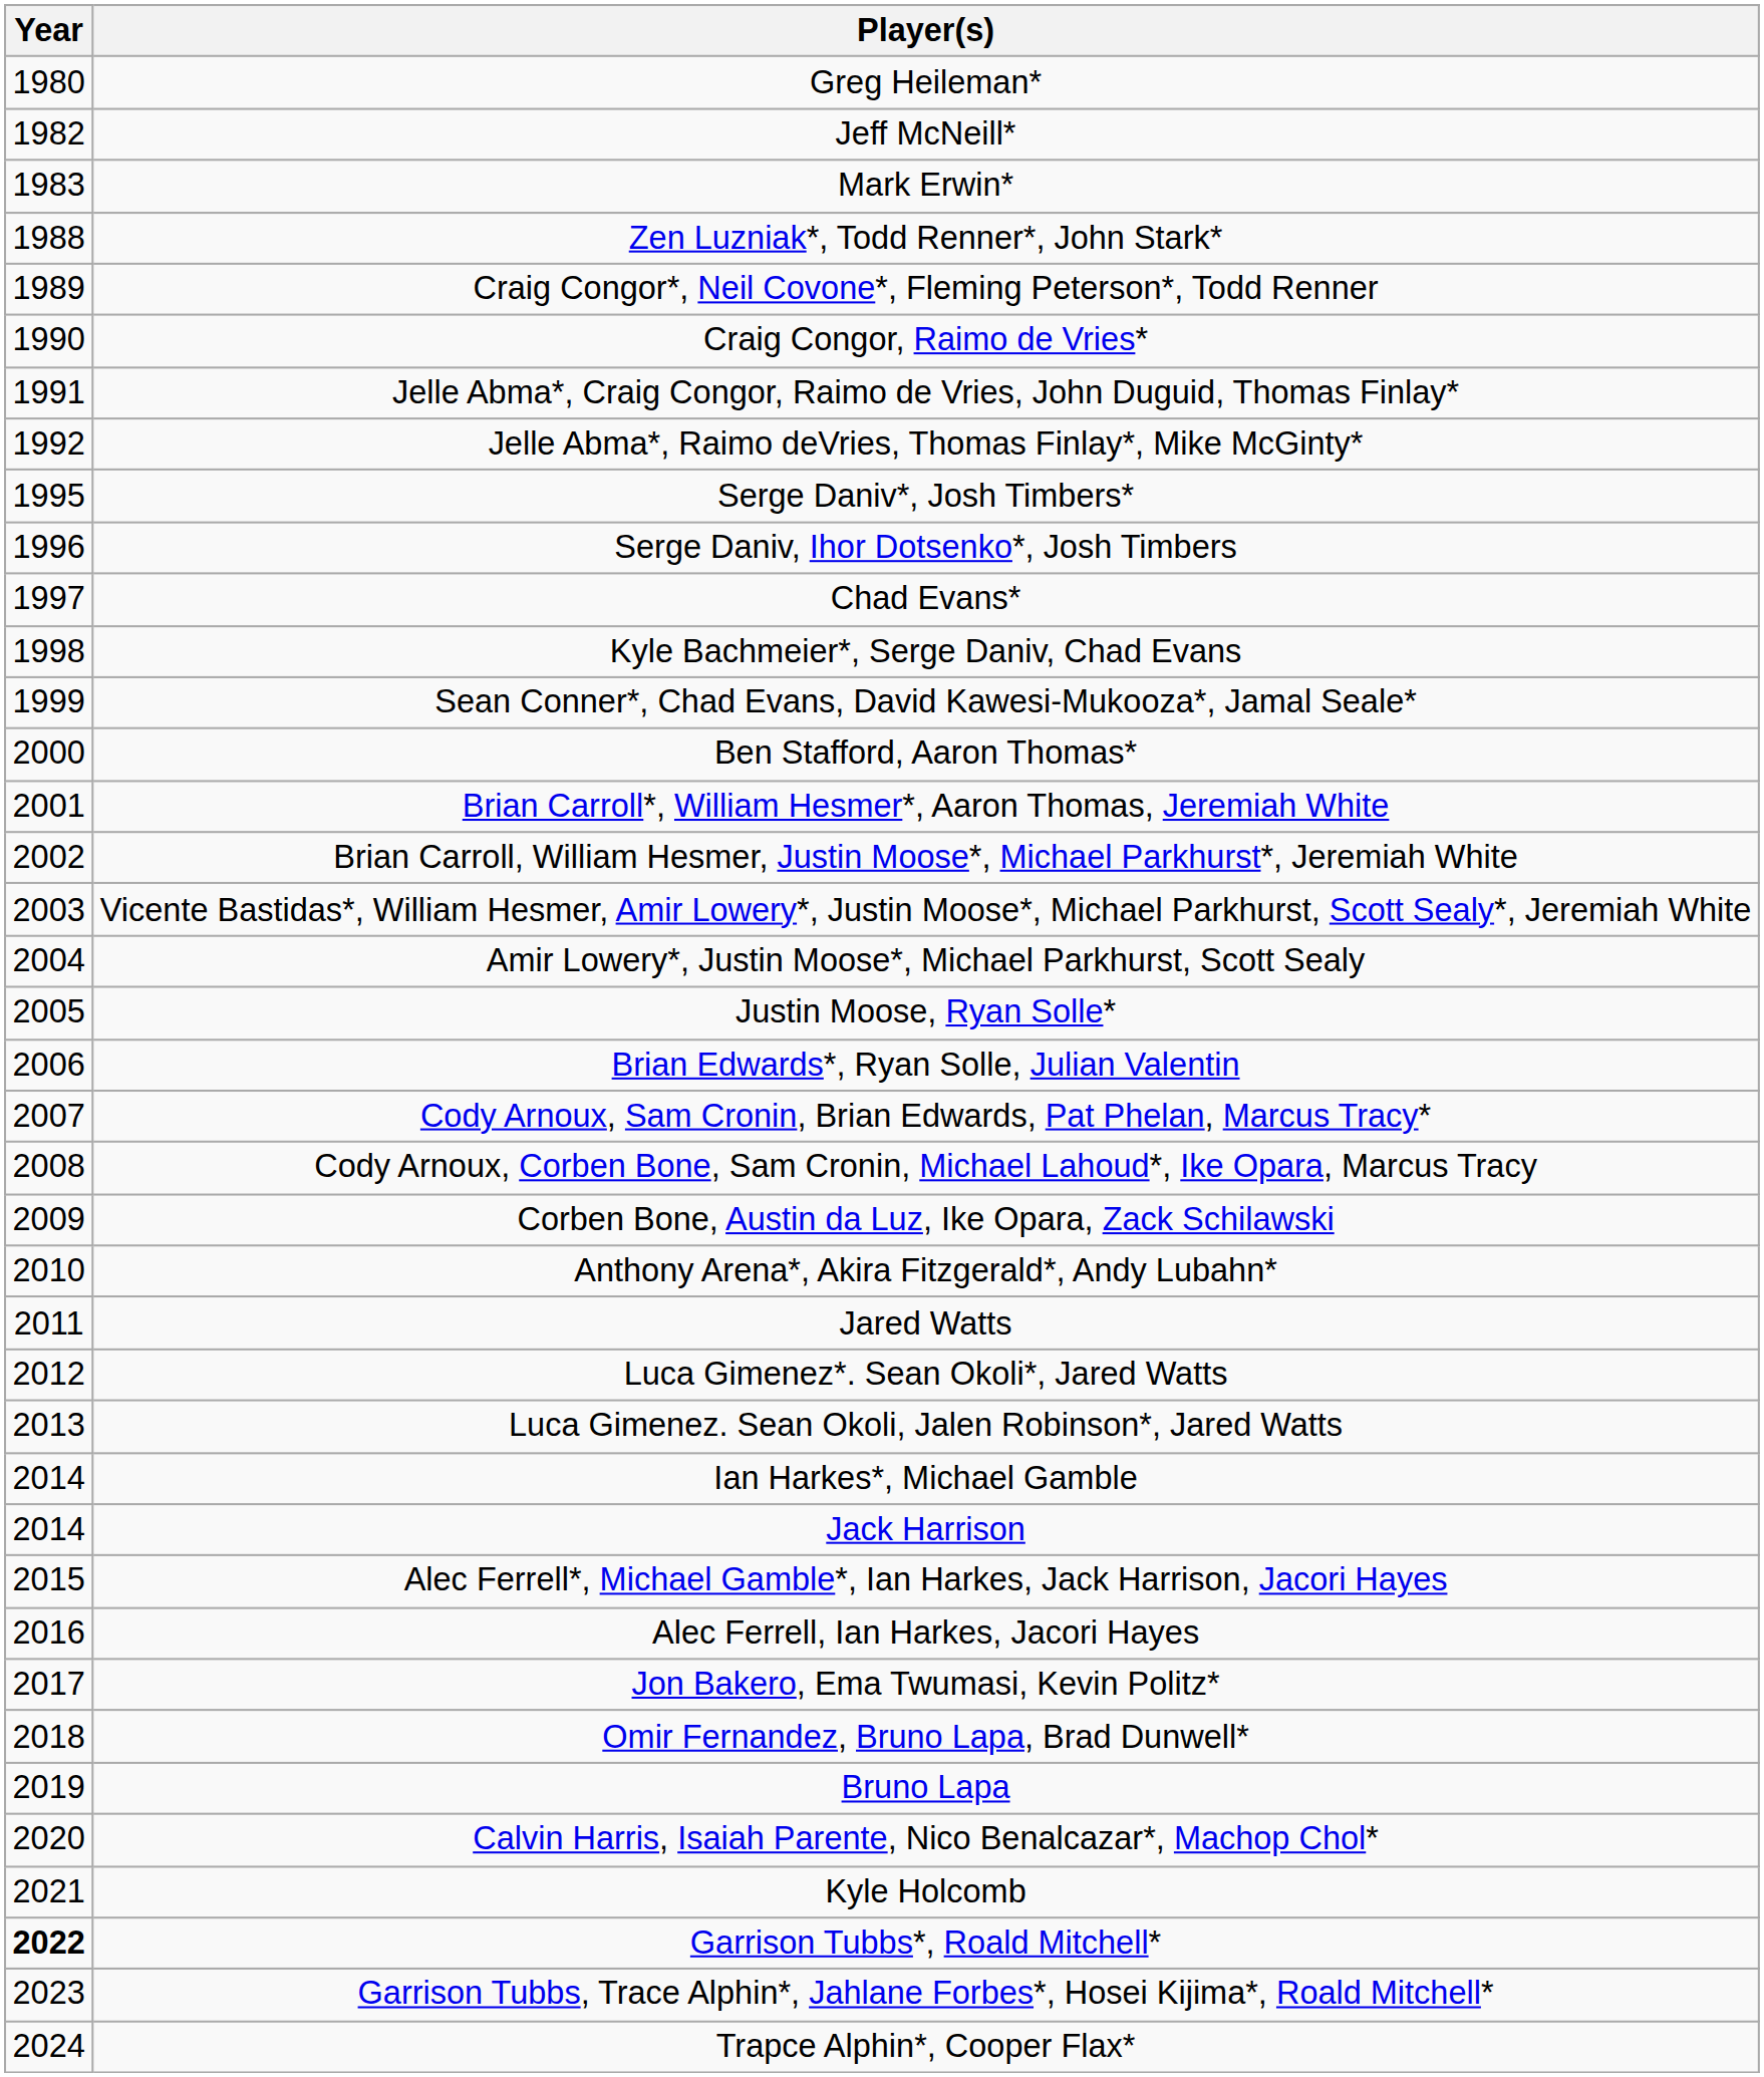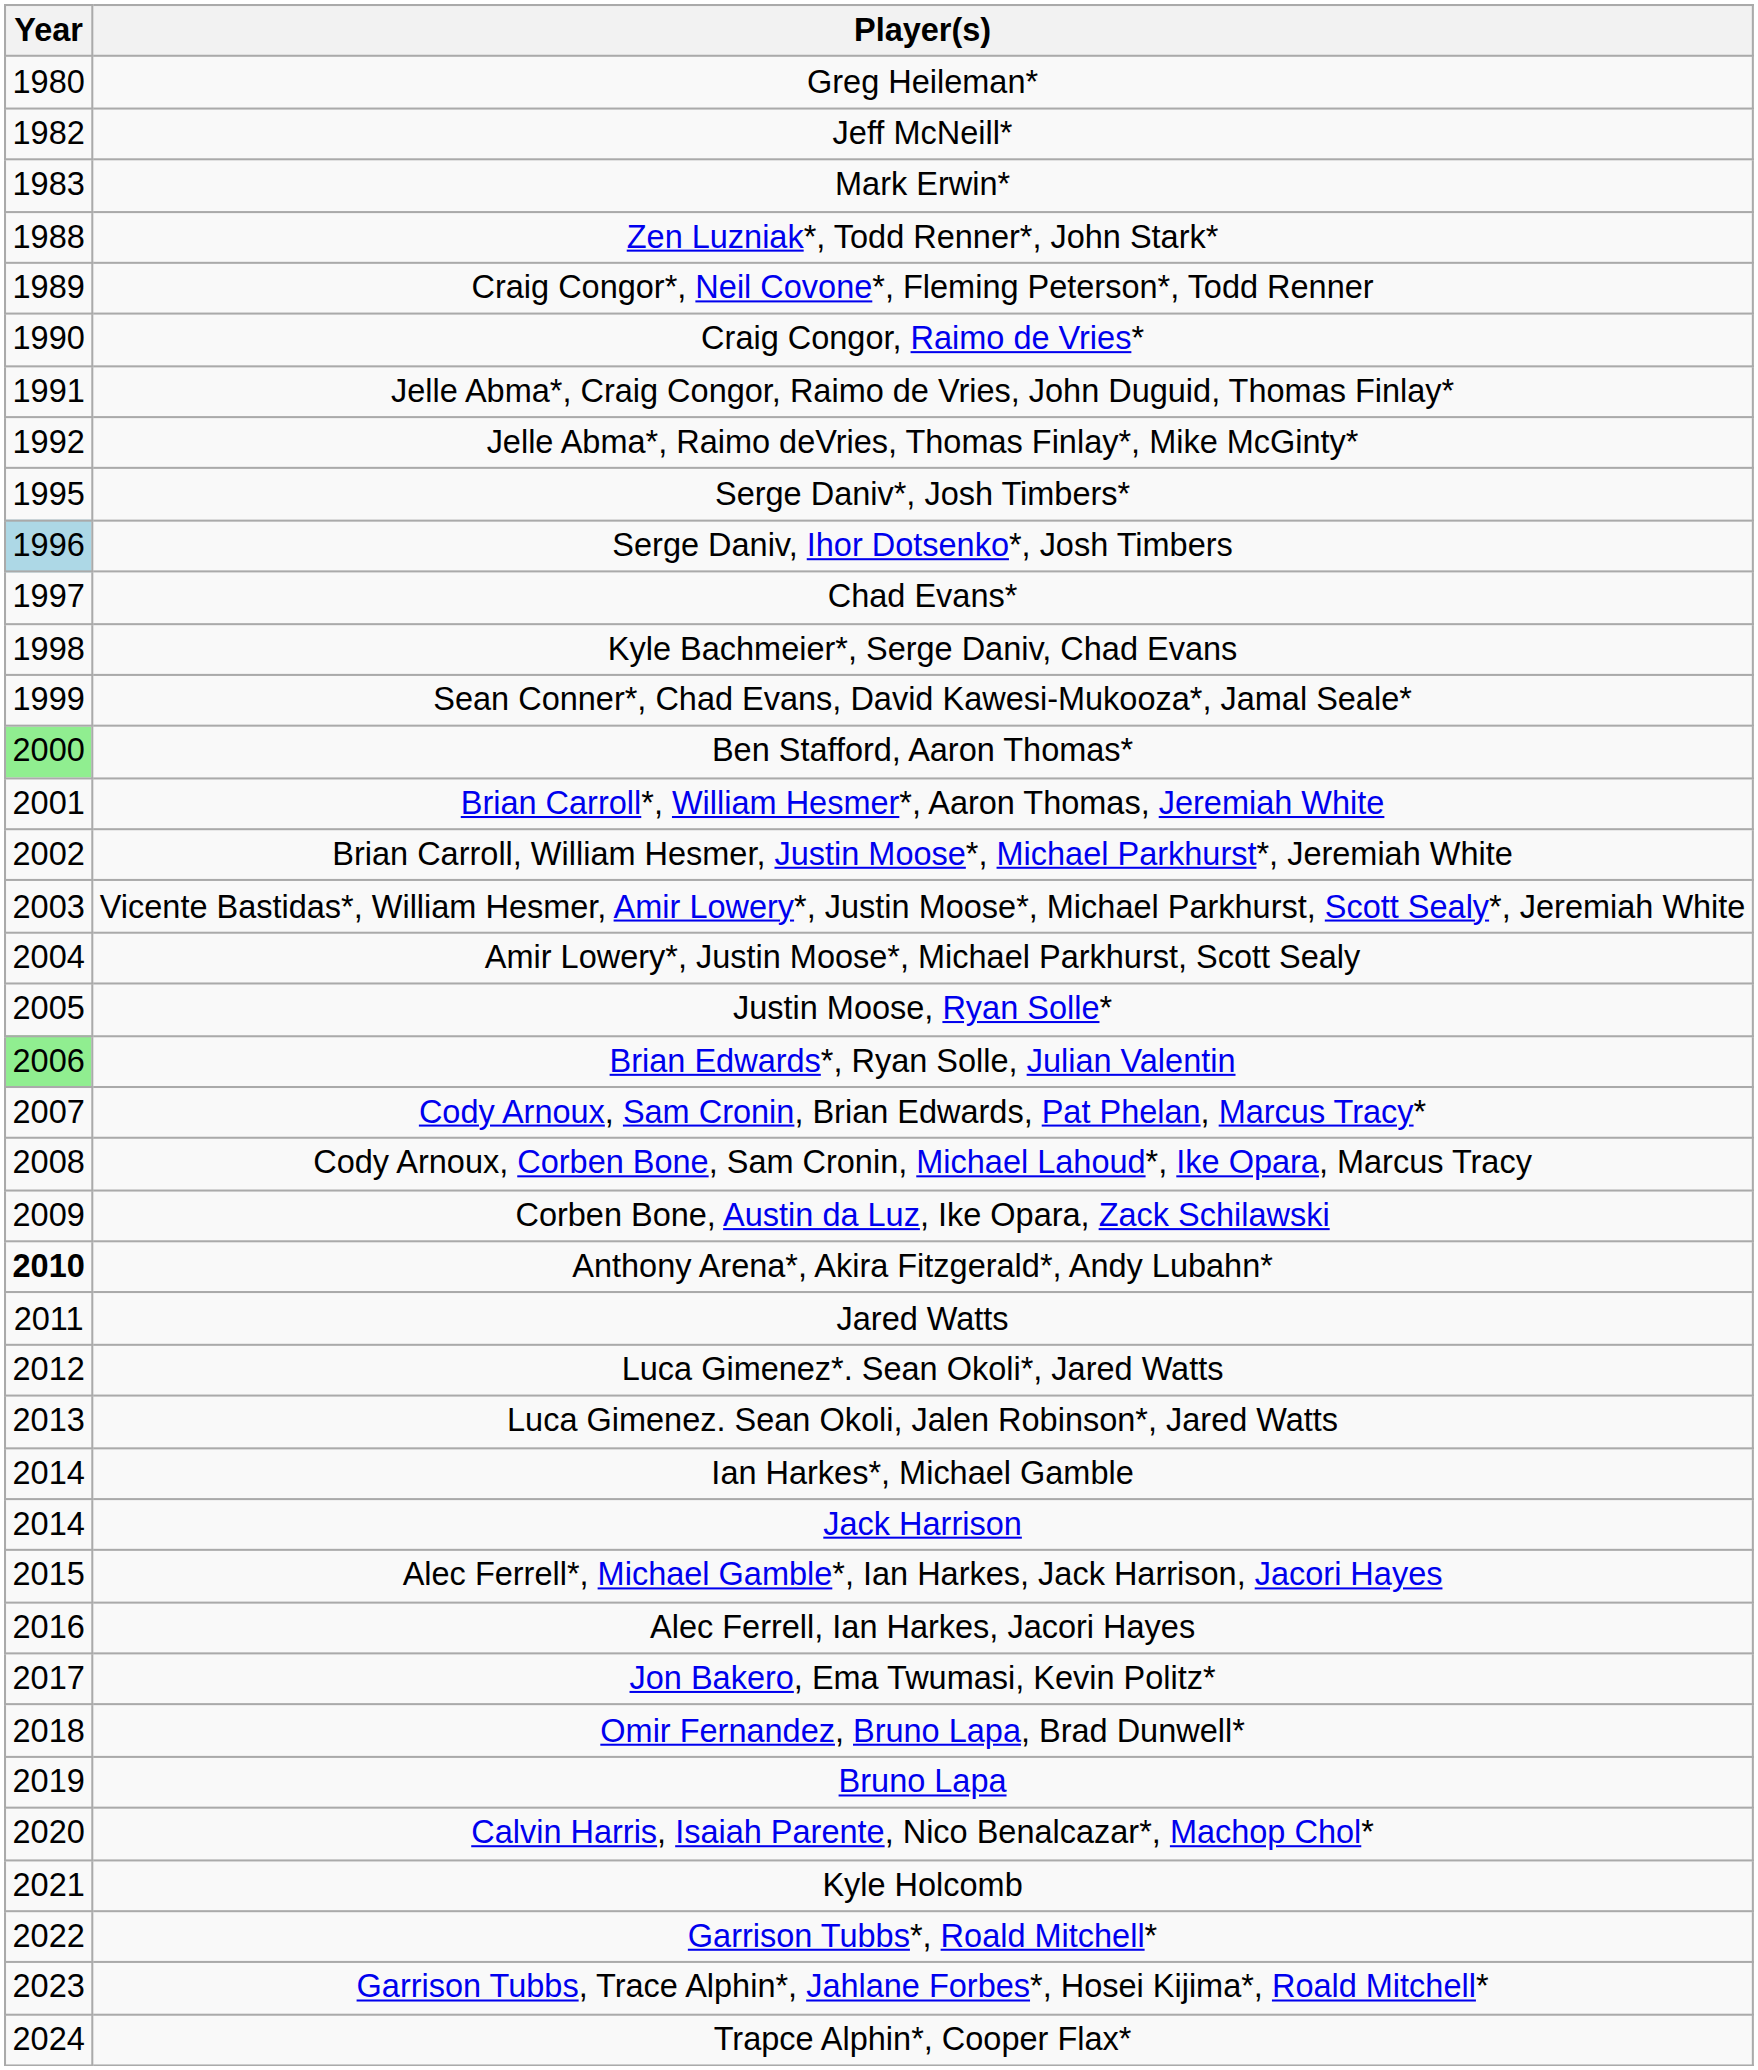 <table class="wikitable" style="text-align: center;">
 <tr>
 <th>Year</th>
 <th>Player(s)</th>
 </tr>
 <tr>
 <td>1980</td>
 <td>Greg Heileman*</td>
 </tr>
 <tr>
 <td>1982</td>
 <td>Jeff McNeill*</td>
 </tr>
 <tr>
 <td>1983</td>
 <td>Mark Erwin*</td>
 </tr>
 <tr>
 <td>1988</td>
 <td><a href='#'>Zen Luzniak</a>*, Todd Renner*, John Stark*</td>
 </tr>
 <tr>
 <td>1989</td>
 <td>Craig Congor*, <a href='#'>Neil Covone</a>*, Fleming Peterson*, Todd Renner</td>
 </tr>
 <tr>
 <td>1990</td>
 <td>Craig Congor, <a href='#'>Raimo de Vries</a>*</td>
 </tr>
 <tr>
 <td>1991</td>
 <td>Jelle Abma*, Craig Congor, Raimo de Vries, John Duguid, Thomas Finlay*</td>
 </tr>
 <tr>
 <td>1992</td>
 <td>Jelle Abma*, Raimo deVries, Thomas Finlay*, Mike McGinty*</td>
 </tr>
 <tr>
 <td>1995</td>
 <td>Serge Daniv*, Josh Timbers*</td>
 </tr>
 <tr>
-<td>1996</td>
+<td style="background: lightblue;">1996</td>
 <td>Serge Daniv, <a href='#'>Ihor Dotsenko</a>*, Josh Timbers</td>
 </tr>
 <tr>
 <td>1997</td>
 <td>Chad Evans*</td>
 </tr>
 <tr>
 <td>1998</td>
 <td>Kyle Bachmeier*, Serge Daniv, Chad Evans</td>
 </tr>
 <tr>
 <td>1999</td>
 <td>Sean Conner*, Chad Evans, David Kawesi-Mukooza*, Jamal Seale*</td>
 </tr>
 <tr>
-<td>2000</td>
+<td style="background: lightgreen;">2000</td>
 <td>Ben Stafford, Aaron Thomas*</td>
 </tr>
 <tr>
 <td>2001</td>
 <td><a href='#'>Brian Carroll</a>*, <a href='#'>William Hesmer</a>*, Aaron Thomas, <a href='#'>Jeremiah White</a></td>
 </tr>
 <tr>
 <td>2002</td>
 <td>Brian Carroll, William Hesmer, <a href='#'>Justin Moose</a>*, <a href='#'>Michael Parkhurst</a>*, Jeremiah White</td>
 </tr>
 <tr>
 <td>2003</td>
 <td>Vicente Bastidas*, William Hesmer, <a href='#'>Amir Lowery</a>*, Justin Moose*, Michael Parkhurst, <a href='#'>Scott Sealy</a>*, Jeremiah White</td>
 </tr>
 <tr>
 <td>2004</td>
 <td>Amir Lowery*, Justin Moose*, Michael Parkhurst, Scott Sealy</td>
 </tr>
 <tr>
 <td>2005</td>
 <td>Justin Moose, <a href='#'>Ryan Solle</a>*</td>
 </tr>
 <tr>
-<td>2006</td>
+<td style="background: lightgreen;">2006</td>
 <td><a href='#'>Brian Edwards</a>*, Ryan Solle, <a href='#'>Julian Valentin</a></td>
 </tr>
 <tr>
 <td>2007</td>
 <td><a href='#'>Cody Arnoux</a>, <a href='#'>Sam Cronin</a>, Brian Edwards, <a href='#'>Pat Phelan</a>, <a href='#'>Marcus Tracy</a>*</td>
 </tr>
 <tr>
 <td>2008</td>
 <td>Cody Arnoux, <a href='#'>Corben Bone</a>, Sam Cronin, <a href='#'>Michael Lahoud</a>*, <a href='#'>Ike Opara</a>, Marcus Tracy</td>
 </tr>
 <tr>
 <td>2009</td>
 <td>Corben Bone, <a href='#'>Austin da Luz</a>, Ike Opara, <a href='#'>Zack Schilawski</a></td>
 </tr>
 <tr>
-<td>2010</td>
+<td><strong>2010</strong></td>
 <td>Anthony Arena*, Akira Fitzgerald*, Andy Lubahn*</td>
 </tr>
 <tr>
 <td>2011</td>
 <td>Jared Watts</td>
 </tr>
 <tr>
 <td>2012</td>
 <td>Luca Gimenez*. Sean Okoli*, Jared Watts</td>
 </tr>
 <tr>
 <td>2013</td>
 <td>Luca Gimenez. Sean Okoli, Jalen Robinson*, Jared Watts</td>
 </tr>
 <tr>
 <td>2014</td>
 <td>Ian Harkes*, Michael Gamble</td>
 </tr>
 <tr>
 <td>2014</td>
 <td><a href='#'>Jack Harrison</a></td>
 </tr>
 <tr>
 <td>2015</td>
 <td>Alec Ferrell*, <a href='#'>Michael Gamble</a>*, Ian Harkes, Jack Harrison, <a href='#'>Jacori Hayes</a></td>
 </tr>
 <tr>
 <td>2016</td>
 <td>Alec Ferrell, Ian Harkes, Jacori Hayes</td>
 </tr>
 <tr>
 <td>2017</td>
 <td><a href='#'>Jon Bakero</a>, Ema Twumasi, Kevin Politz*</td>
 </tr>
 <tr>
 <td>2018</td>
 <td><a href='#'>Omir Fernandez</a>, <a href='#'>Bruno Lapa</a>, Brad Dunwell*</td>
 </tr>
 <tr>
 <td>2019</td>
 <td><a href='#'>Bruno Lapa</a></td>
 </tr>
 <tr>
 <td>2020</td>
 <td><a href='#'>Calvin Harris</a>, <a href='#'>Isaiah Parente</a>, Nico Benalcazar*, <a href='#'>Machop Chol</a>*</td>
 </tr>
 <tr>
 <td>2021</td>
 <td>Kyle Holcomb</td>
 </tr>
 <tr>
-<td><strong>2022</strong></td>
+<td>2022</td>
 <td><a href='#'>Garrison Tubbs</a>*, <a href='#'>Roald Mitchell</a>*</td>
 </tr>
 <tr>
 <td>2023</td>
 <td><a href='#'>Garrison Tubbs</a>, Trace Alphin*, <a href='#'>Jahlane Forbes</a>*, Hosei Kijima*, <a href='#'>Roald Mitchell</a>*</td>
 </tr>
 <tr>
 <td>2024</td>
 <td>Trapce Alphin*, Cooper Flax*</td>
 </tr>
 </table>
